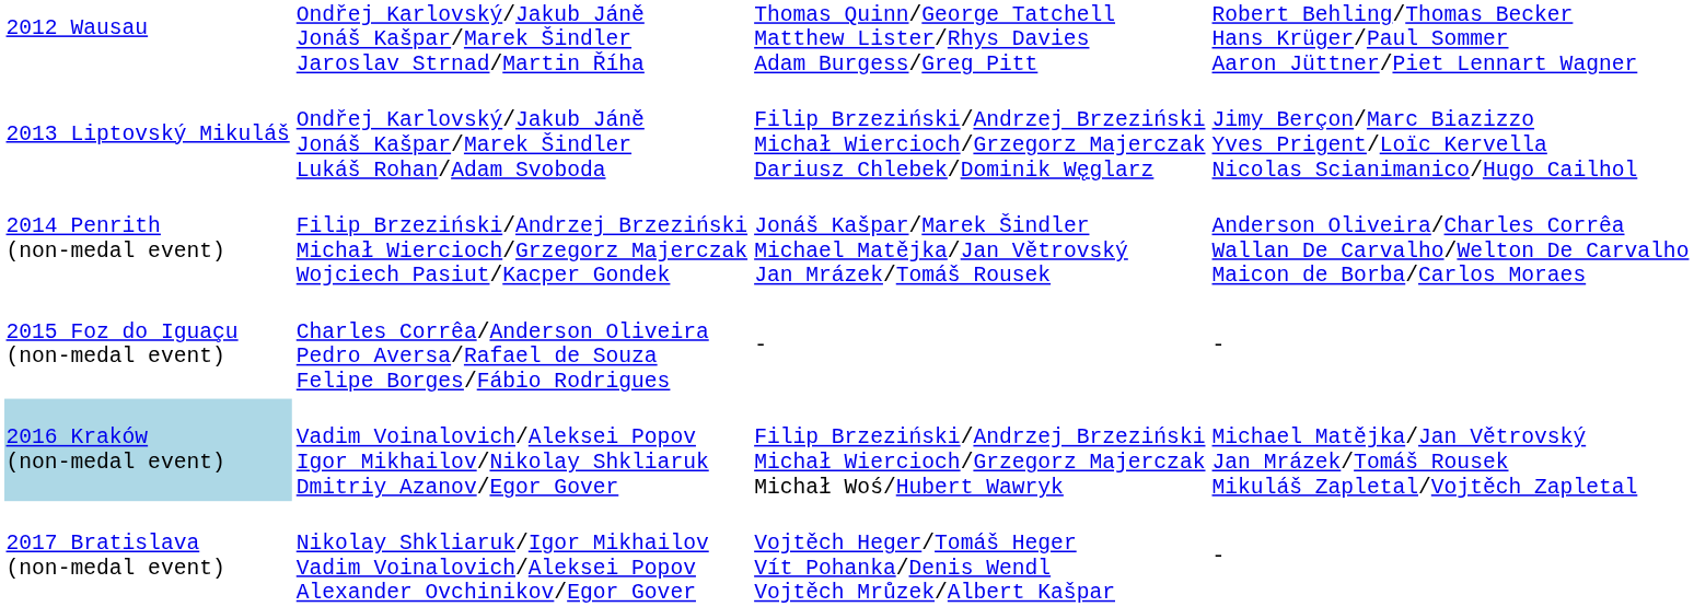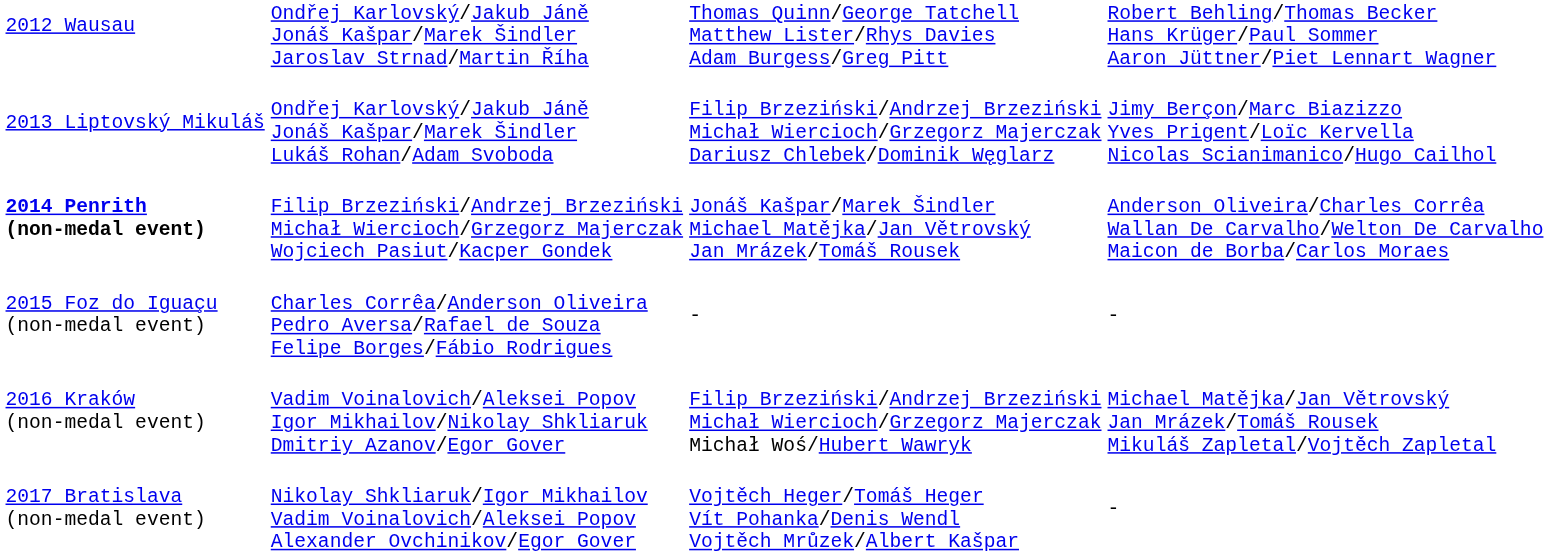 <table>
 <tr>
 <td><a href='#'>2012 Wausau</a></td>
 <td><br><a href='#'>Ondřej Karlovský</a>/<a href='#'>Jakub Jáně</a><br><a href='#'>Jonáš Kašpar</a>/<a href='#'>Marek Šindler</a><br><a href='#'>Jaroslav Strnad</a>/<a href='#'>Martin Říha</a></td>
 <td><br><a href='#'>Thomas Quinn</a>/<a href='#'>George Tatchell</a><br><a href='#'>Matthew Lister</a>/<a href='#'>Rhys Davies</a><br><a href='#'>Adam Burgess</a>/<a href='#'>Greg Pitt</a></td>
 <td><br><a href='#'>Robert Behling</a>/<a href='#'>Thomas Becker</a><br><a href='#'>Hans Krüger</a>/<a href='#'>Paul Sommer</a><br><a href='#'>Aaron Jüttner</a>/<a href='#'>Piet Lennart Wagner</a></td>
 </tr>
 <tr>
 <td><a href='#'>2013 Liptovský Mikuláš</a></td>
 <td><br><a href='#'>Ondřej Karlovský</a>/<a href='#'>Jakub Jáně</a><br><a href='#'>Jonáš Kašpar</a>/<a href='#'>Marek Šindler</a><br><a href='#'>Lukáš Rohan</a>/<a href='#'>Adam Svoboda</a></td>
 <td><br><a href='#'>Filip Brzeziński</a>/<a href='#'>Andrzej Brzeziński</a><br><a href='#'>Michał Wiercioch</a>/<a href='#'>Grzegorz Majerczak</a><br><a href='#'>Dariusz Chlebek</a>/<a href='#'>Dominik Węglarz</a></td>
 <td><br><a href='#'>Jimy Berçon</a>/<a href='#'>Marc Biazizzo</a><br><a href='#'>Yves Prigent</a>/<a href='#'>Loïc Kervella</a><br><a href='#'>Nicolas Scianimanico</a>/<a href='#'>Hugo Cailhol</a></td>
 </tr>
 <tr>
-<td><a href='#'>2014 Penrith</a><br>(non-medal event)</td>
+<td><strong><a href='#'>2014 Penrith</a><br>(non-medal event)</strong></td>
 <td><br><a href='#'>Filip Brzeziński</a>/<a href='#'>Andrzej Brzeziński</a><br><a href='#'>Michał Wiercioch</a>/<a href='#'>Grzegorz Majerczak</a><br><a href='#'>Wojciech Pasiut</a>/<a href='#'>Kacper Gondek</a></td>
 <td><br><a href='#'>Jonáš Kašpar</a>/<a href='#'>Marek Šindler</a><br><a href='#'>Michael Matějka</a>/<a href='#'>Jan Větrovský</a><br><a href='#'>Jan Mrázek</a>/<a href='#'>Tomáš Rousek</a></td>
 <td><br><a href='#'>Anderson Oliveira</a>/<a href='#'>Charles Corrêa</a><br><a href='#'>Wallan De Carvalho</a>/<a href='#'>Welton De Carvalho</a><br><a href='#'>Maicon de Borba</a>/<a href='#'>Carlos Moraes</a></td>
 </tr>
 <tr>
 <td><a href='#'>2015 Foz do Iguaçu</a><br>(non-medal event)</td>
 <td><br><a href='#'>Charles Corrêa</a>/<a href='#'>Anderson Oliveira</a><br><a href='#'>Pedro Aversa</a>/<a href='#'>Rafael de Souza</a><br><a href='#'>Felipe Borges</a>/<a href='#'>Fábio Rodrigues</a></td>
 <td>-</td>
 <td>-</td>
 </tr>
 <tr>
-<td style="background: lightblue;"><a href='#'>2016 Kraków</a><br>(non-medal event)</td>
+<td><a href='#'>2016 Kraków</a><br>(non-medal event)</td>
 <td><br><a href='#'>Vadim Voinalovich</a>/<a href='#'>Aleksei Popov</a><br><a href='#'>Igor Mikhailov</a>/<a href='#'>Nikolay Shkliaruk</a><br><a href='#'>Dmitriy Azanov</a>/<a href='#'>Egor Gover</a></td>
 <td><br><a href='#'>Filip Brzeziński</a>/<a href='#'>Andrzej Brzeziński</a><br><a href='#'>Michał Wiercioch</a>/<a href='#'>Grzegorz Majerczak</a><br>Michał Woś/<a href='#'>Hubert Wawryk</a></td>
 <td><br><a href='#'>Michael Matějka</a>/<a href='#'>Jan Větrovský</a><br><a href='#'>Jan Mrázek</a>/<a href='#'>Tomáš Rousek</a><br><a href='#'>Mikuláš Zapletal</a>/<a href='#'>Vojtěch Zapletal</a></td>
 </tr>
 <tr>
 <td><a href='#'>2017 Bratislava</a><br>(non-medal event)</td>
 <td><br><a href='#'>Nikolay Shkliaruk</a>/<a href='#'>Igor Mikhailov</a><br><a href='#'>Vadim Voinalovich</a>/<a href='#'>Aleksei Popov</a><br><a href='#'>Alexander Ovchinikov</a>/<a href='#'>Egor Gover</a></td>
 <td><br><a href='#'>Vojtěch Heger</a>/<a href='#'>Tomáš Heger</a><br><a href='#'>Vít Pohanka</a>/<a href='#'>Denis Wendl</a><br><a href='#'>Vojtěch Mrůzek</a>/<a href='#'>Albert Kašpar</a></td>
 <td>-</td>
 </tr>
 </table>
